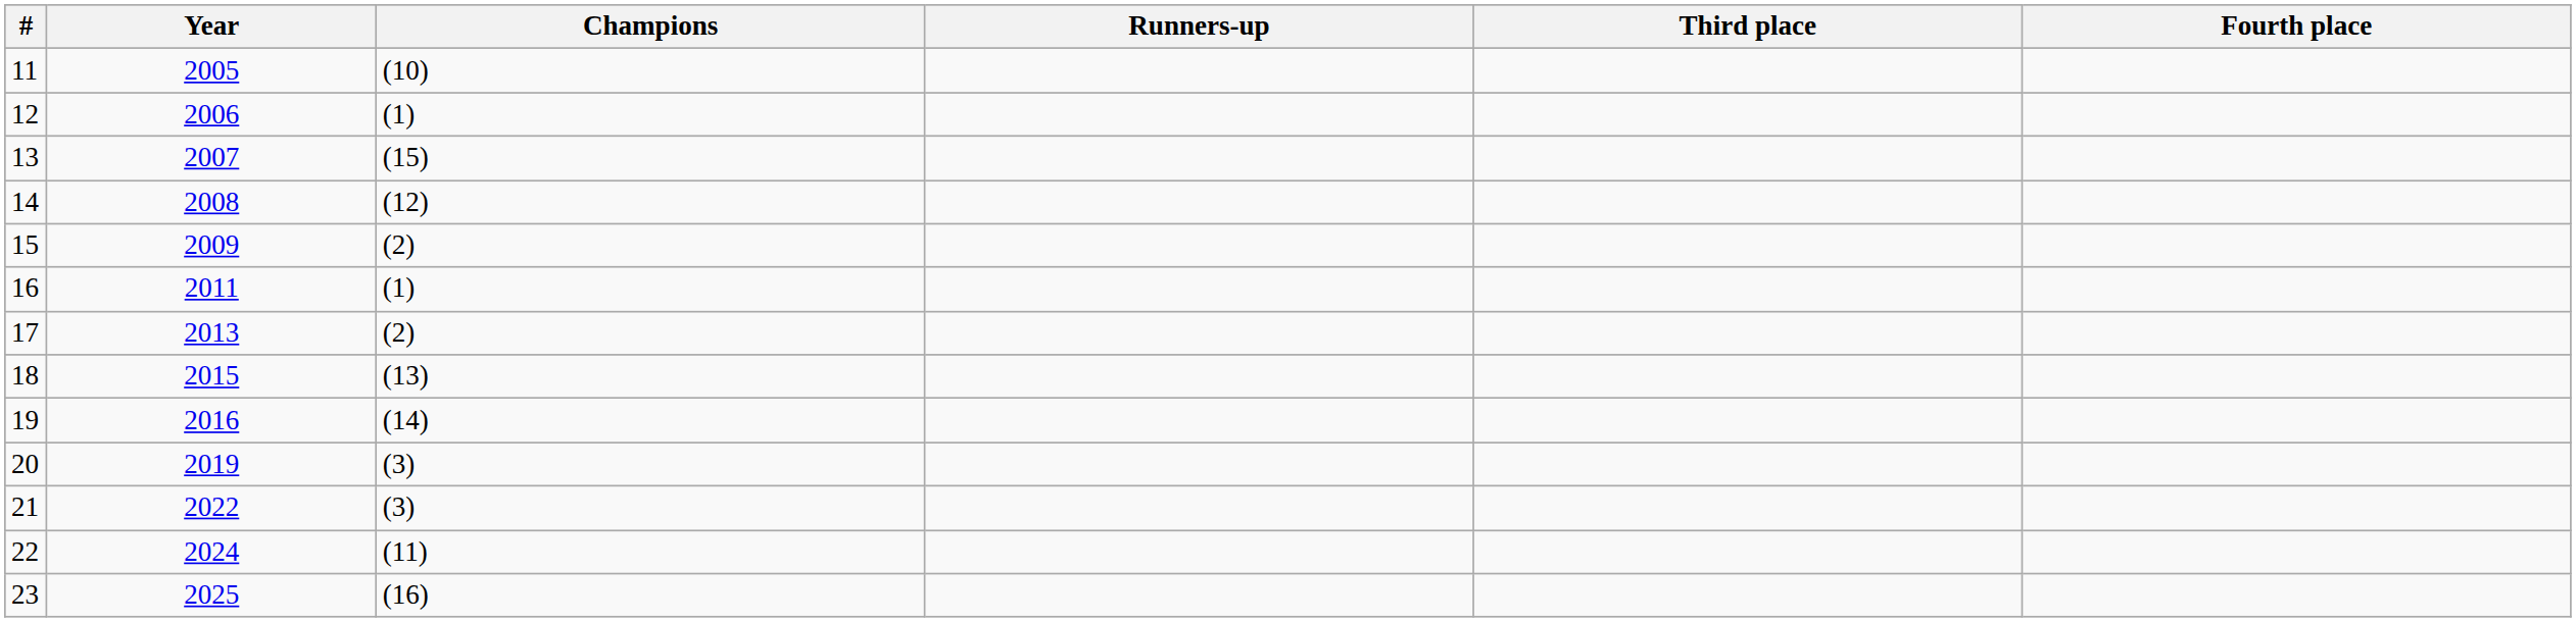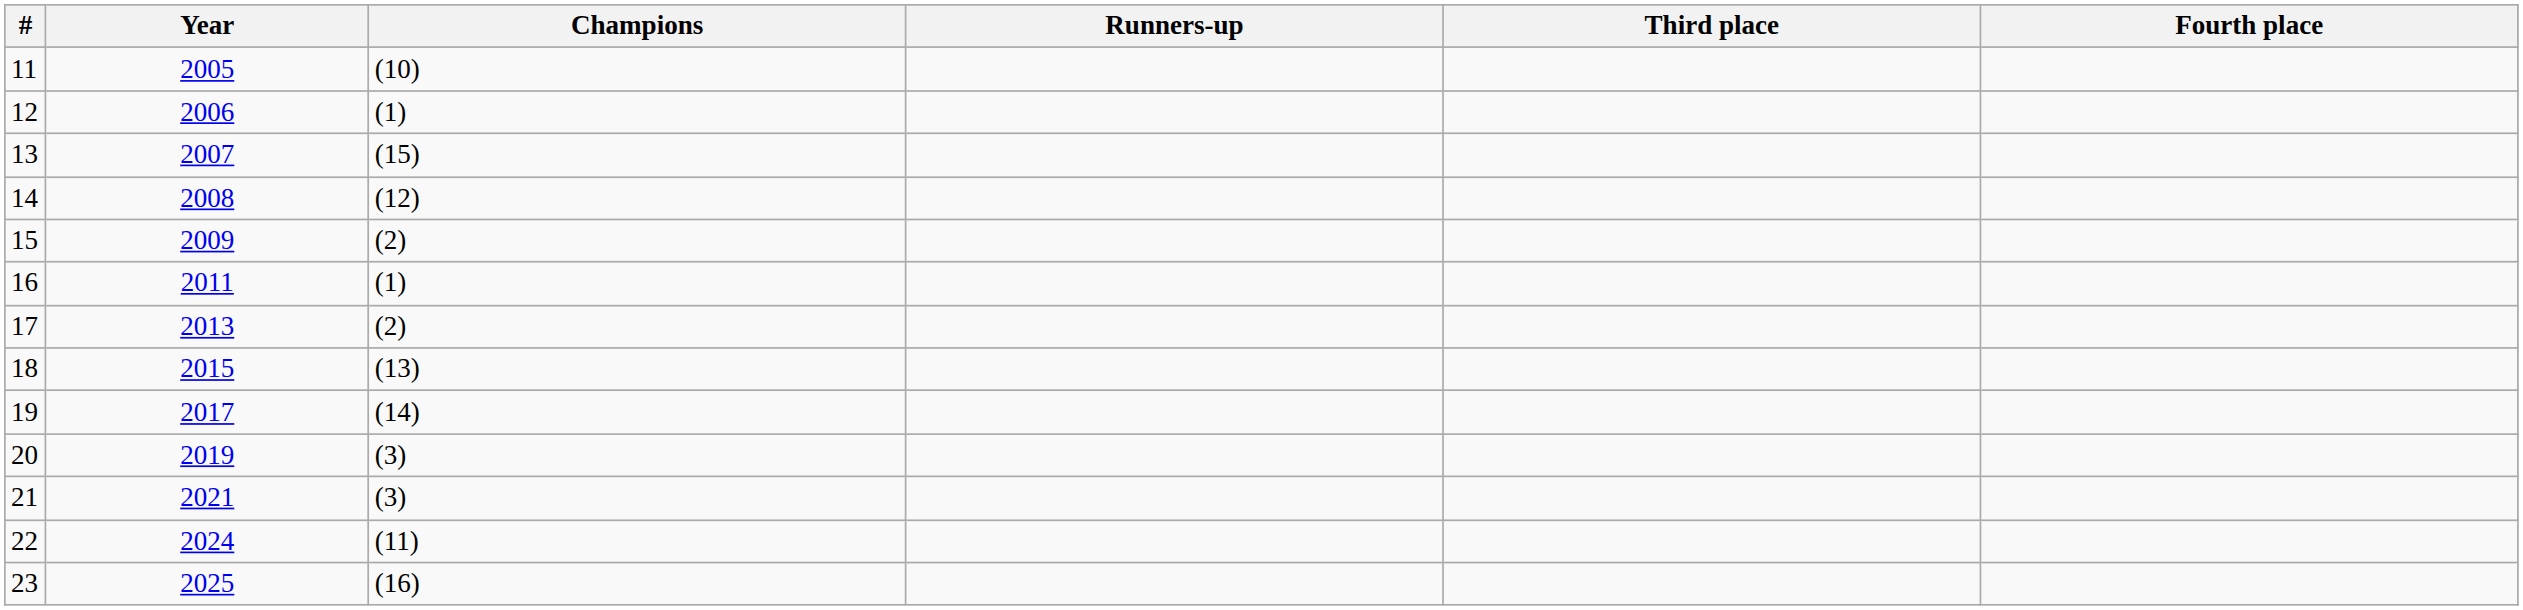 <table class="sortable wikitable" width=75%>
 <tr>
 <th style="width:1%;">#</th>
 <th style="width:12%;">Year</th>
 <th style="width:20%;">Champions</th>
 <th style="width:20%;">Runners-up</th>
 <th style="width:20%;">Third place</th>
 <th style="width:20%;">Fourth place</th>
 </tr>
 <tr>
 <td>11</td>
 <td align=center> <a href='#'>2005</a></td>
 <td align=left><strong></strong> (10)</td>
 <td align=left></td>
 <td align=left></td>
 <td align=left></td>
 </tr>
 <tr>
 <td>12</td>
 <td align=center> <a href='#'>2006</a></td>
 <td align=left><strong></strong> (1)</td>
 <td align=left></td>
 <td align=left></td>
 <td align=left></td>
 </tr>
 <tr>
 <td>13</td>
 <td align=center> <a href='#'>2007</a></td>
 <td align=left><strong></strong> (15)</td>
 <td align=left></td>
 <td align=left></td>
 <td align=left></td>
 </tr>
 <tr>
 <td>14</td>
 <td align=center> <a href='#'>2008</a></td>
 <td align=left><strong></strong> (12)</td>
 <td align=left></td>
 <td align=left></td>
 <td align=left></td>
 </tr>
 <tr>
 <td>15</td>
 <td align=center> <a href='#'>2009</a></td>
 <td align=left><strong></strong> (2)</td>
 <td align=left></td>
 <td align=left></td>
 <td align=left></td>
 </tr>
 <tr>
 <td>16</td>
 <td align=center> <a href='#'>2011</a></td>
 <td align=left><strong></strong> (1)</td>
 <td align=left></td>
 <td align=left></td>
 <td align=left></td>
 </tr>
 <tr>
 <td>17</td>
 <td align=center> <a href='#'>2013</a></td>
 <td align=left><strong></strong> (2)</td>
 <td align=left></td>
 <td align=left></td>
 <td align=left></td>
 </tr>
 <tr>
 <td>18</td>
 <td align=center> <a href='#'>2015</a></td>
 <td align=left><strong></strong> (13)</td>
 <td align=left></td>
 <td align=left></td>
 <td align=left></td>
 </tr>
 <tr>
 <td>19</td>
-<td align=center> <a href='#'>2016</a></td>
+<td align=center> <a href='#'>2017</a></td>
 <td align=left><strong></strong> (14)</td>
 <td align=left></td>
 <td align=left></td>
 <td align=left></td>
 </tr>
 <tr>
 <td>20</td>
 <td align=center> <a href='#'>2019</a></td>
 <td align=left><strong></strong> (3)</td>
 <td align=left></td>
 <td align=left></td>
 <td align=left></td>
 </tr>
 <tr>
 <td>21</td>
-<td align=center> <a href='#'>2022</a></td>
+<td align=center> <a href='#'>2021</a></td>
 <td align=left><strong></strong> (3)</td>
 <td align=left></td>
 <td align=left></td>
 <td align=left></td>
 </tr>
 <tr>
 <td>22</td>
 <td align=center> <a href='#'>2024</a></td>
 <td align=left><strong></strong> (11)</td>
 <td align=left></td>
 <td align=left></td>
 <td align=left></td>
 </tr>
 <tr>
 <td>23</td>
 <td align=center> <a href='#'>2025</a></td>
 <td align=left><strong></strong> (16)</td>
 <td align=left></td>
 <td align=left></td>
 <td align=left></td>
 </tr>
 </table>
